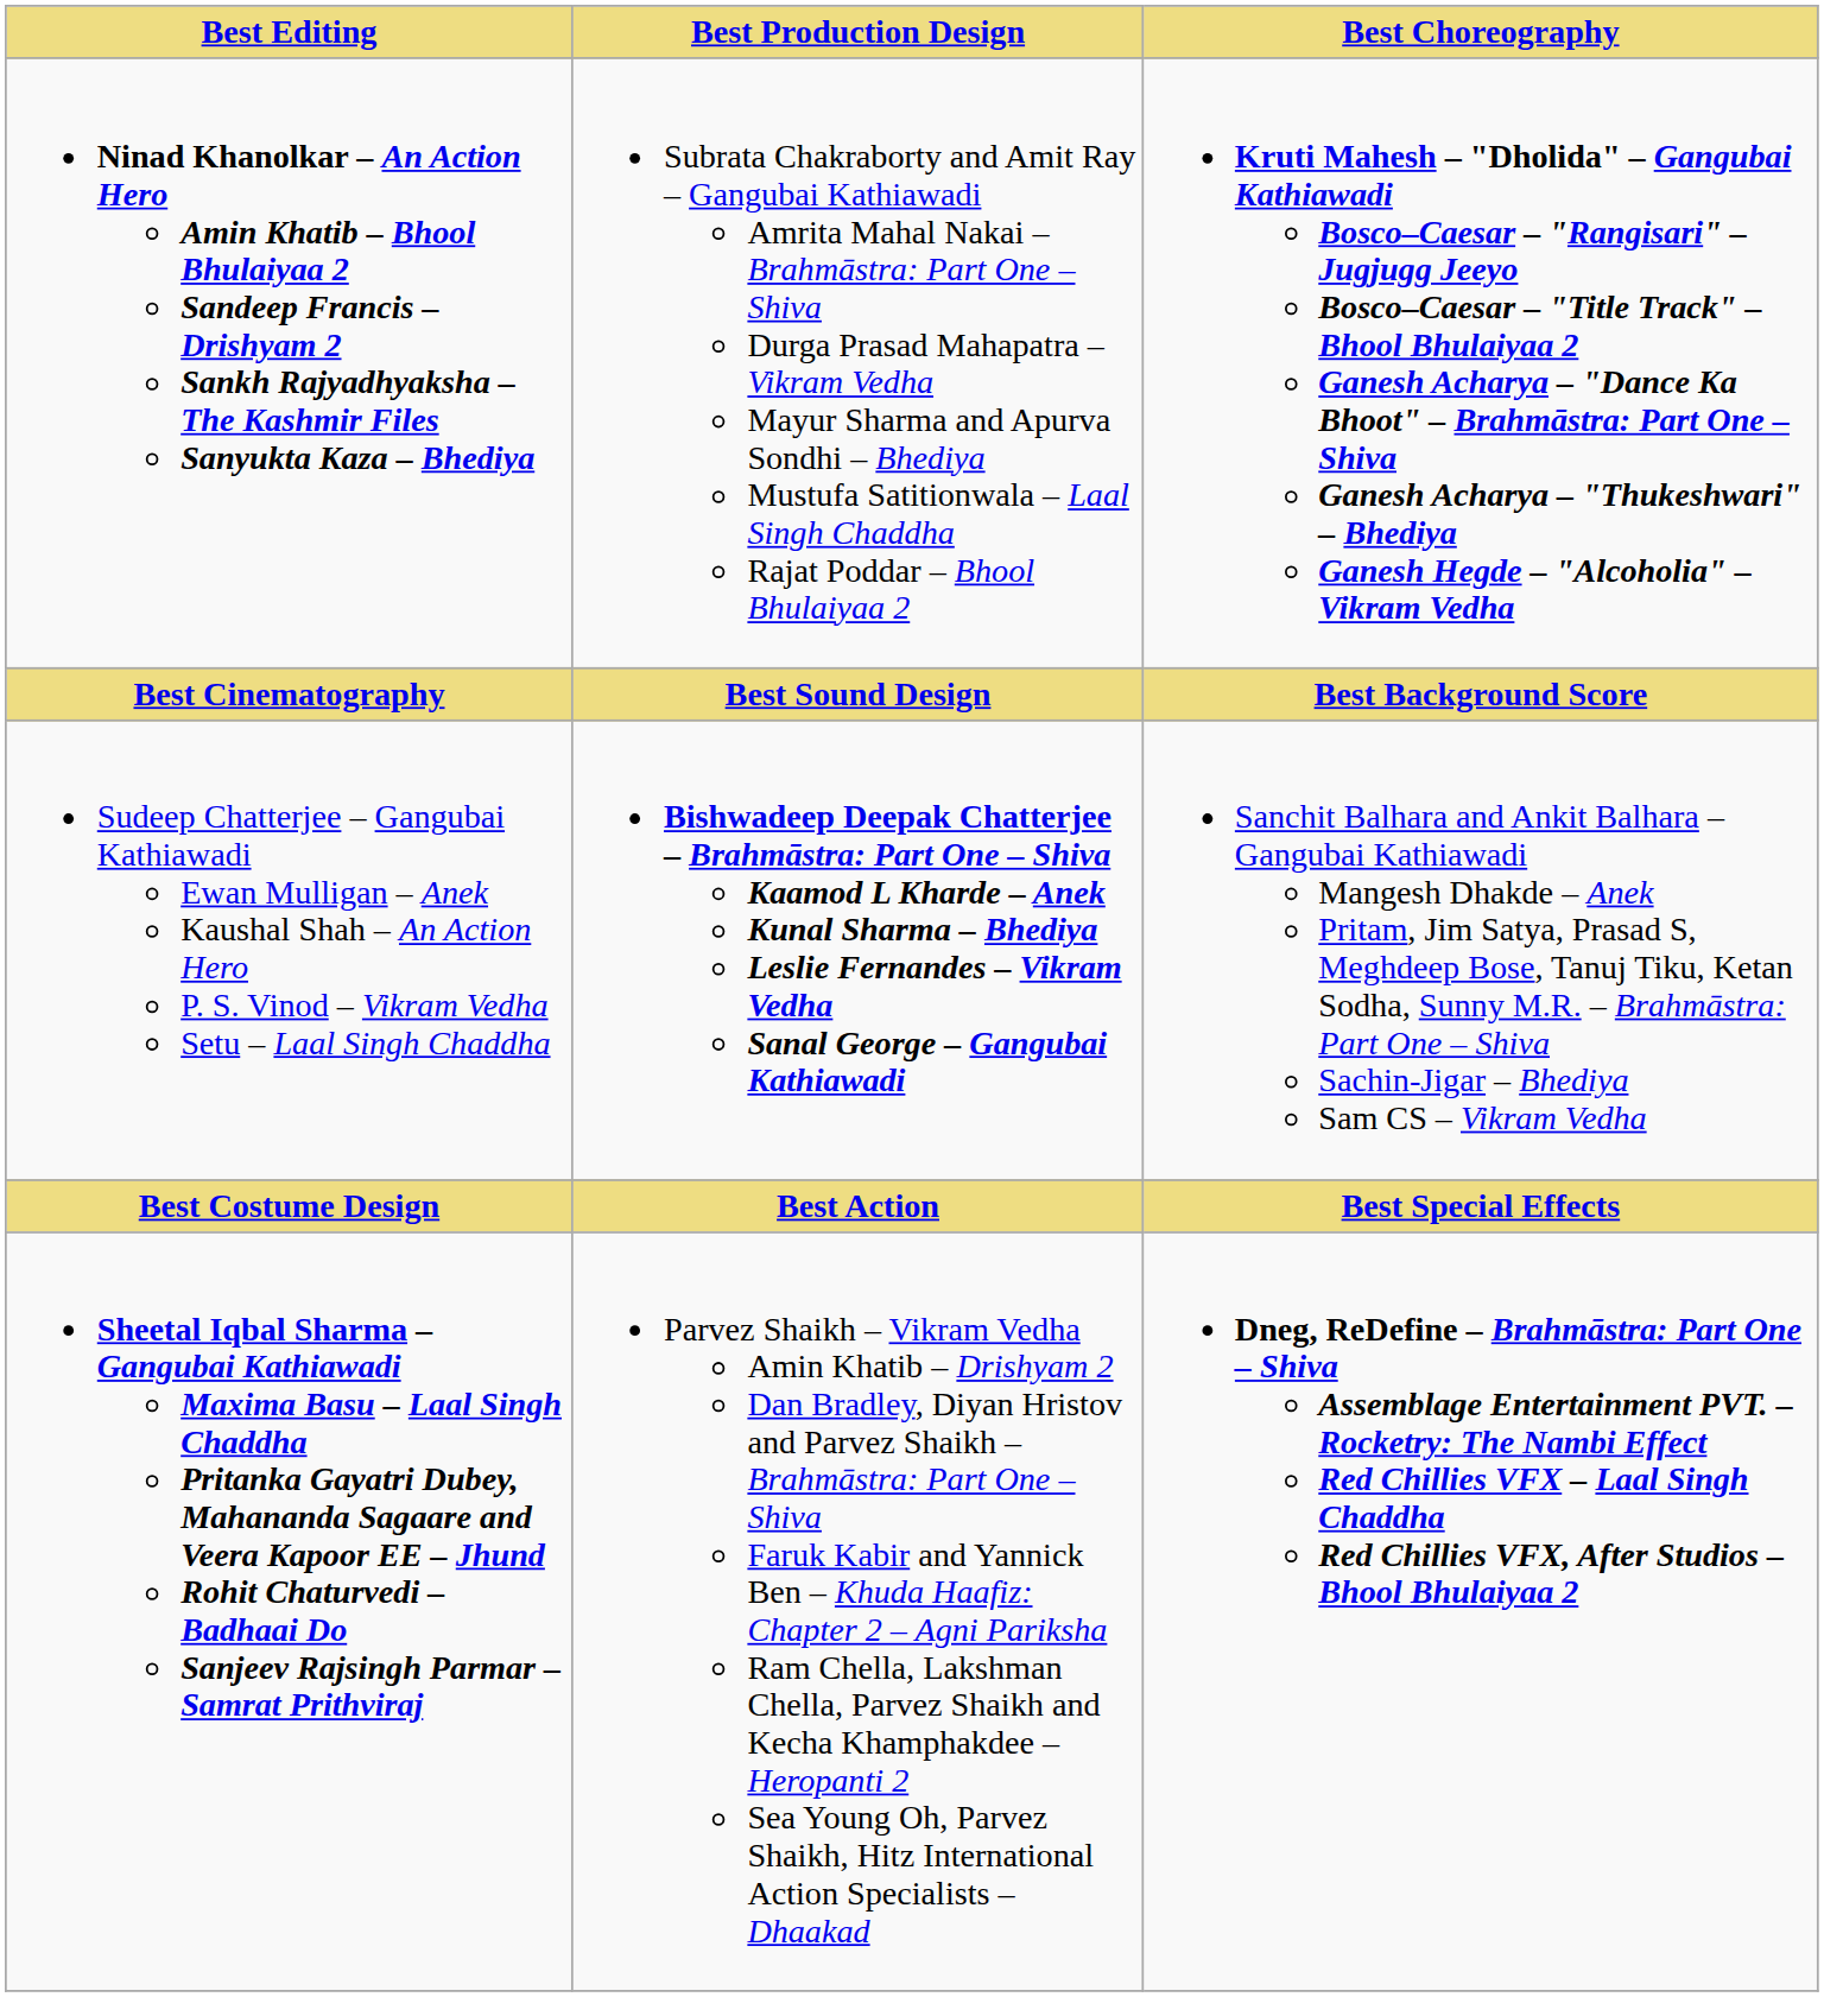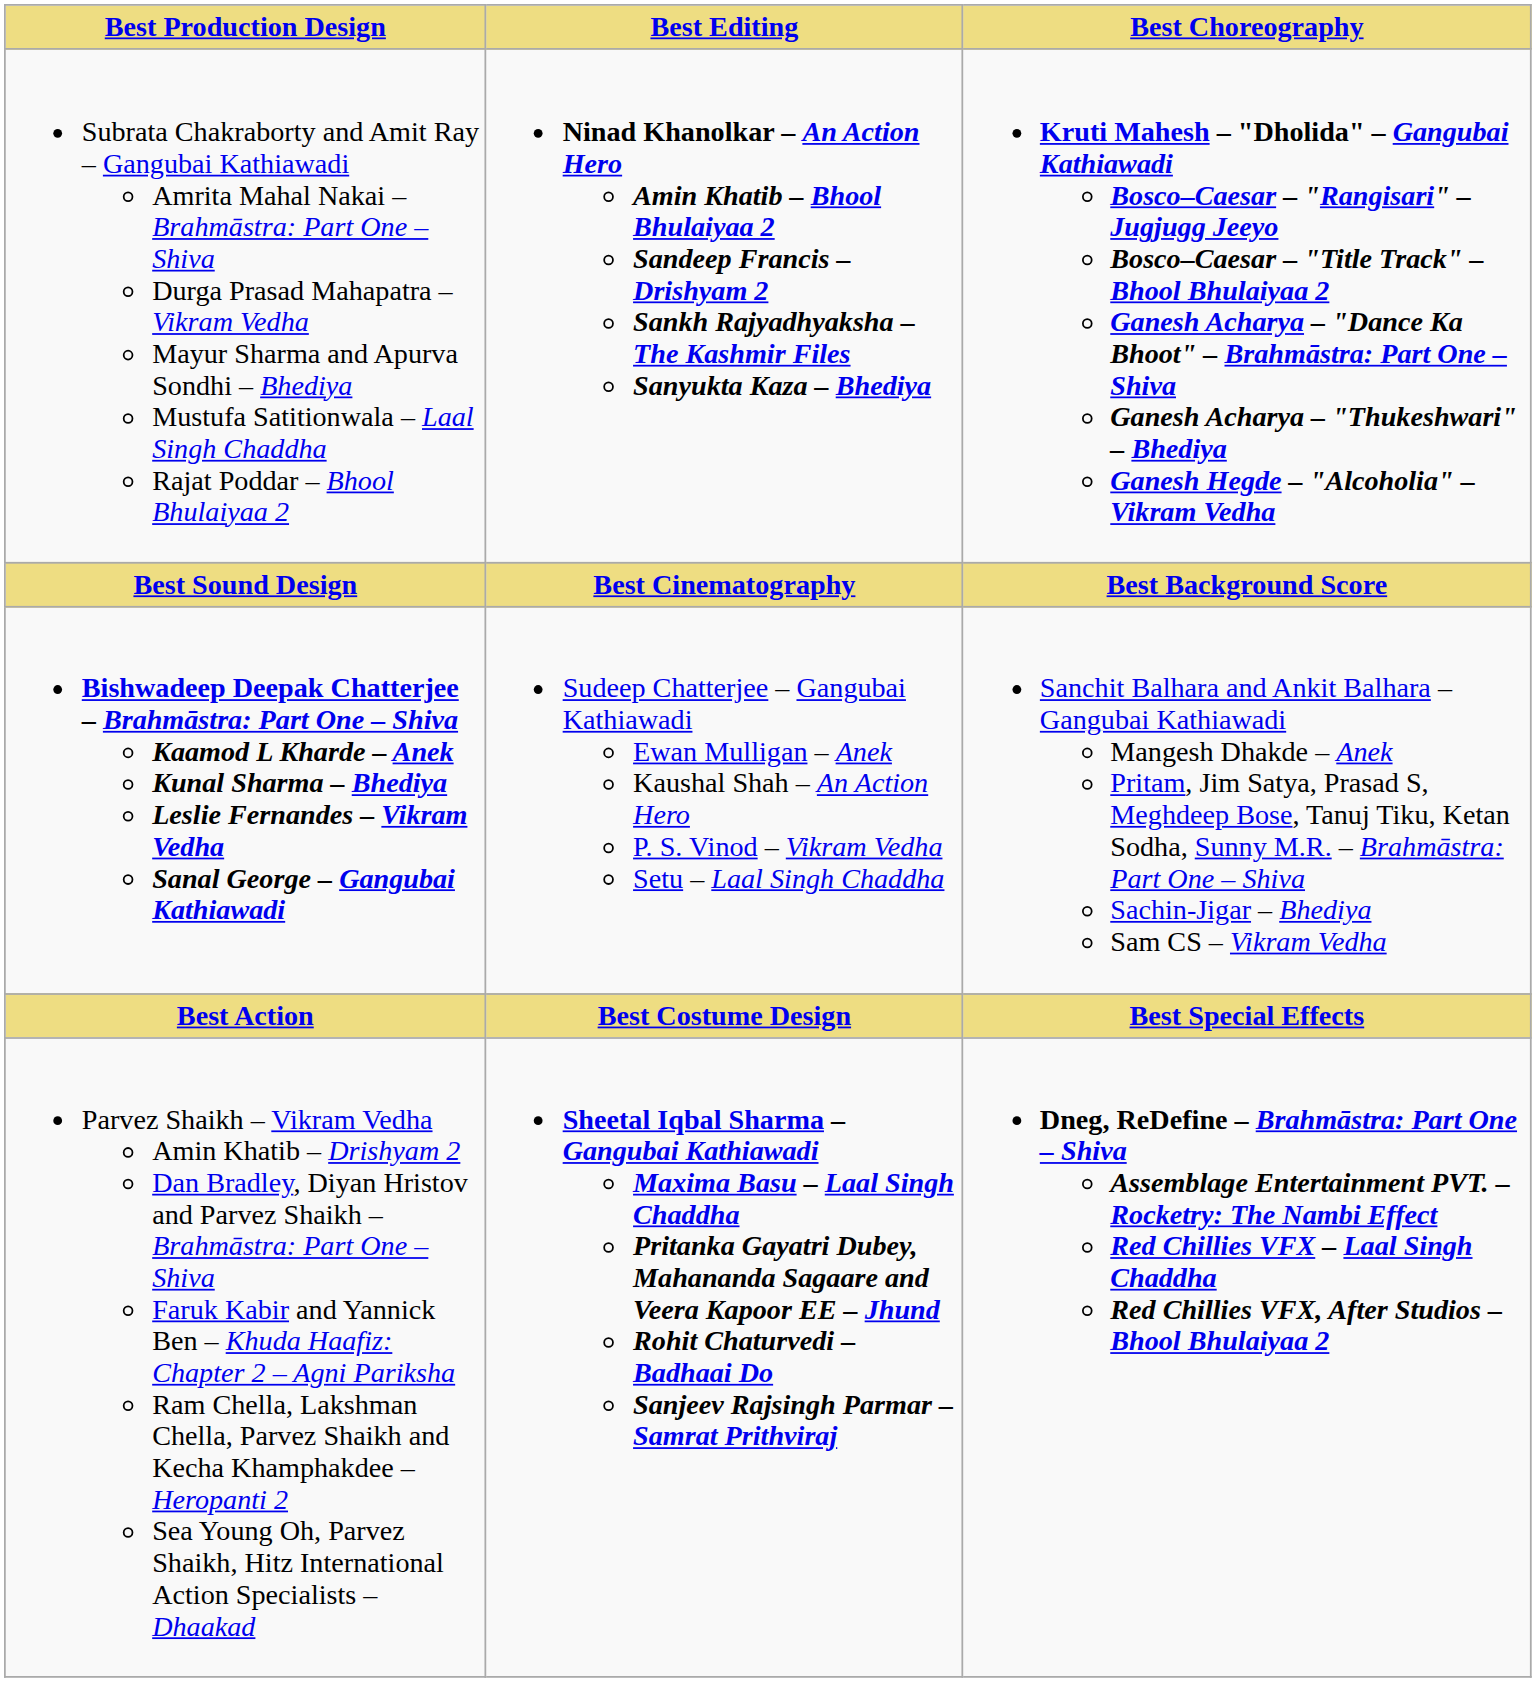 <table class="wikitable">
 <tr>
+<th style="background:#EEDD82;"><a href='#'>Best Production Design</a></th>
 <th style="background:#EEDD82;"><a href='#'>Best Editing</a></th>
-<th style="background:#EEDD82;"><a href='#'>Best Production Design</a></th>
 <th style="background:#EEDD82;"><a href='#'>Best Choreography</a></th>
 </tr>
 <tr>
+<td valign=top><br><ul><li></strong>Subrata Chakraborty and Amit Ray – </em><a href='#'>Gangubai Kathiawadi</a></em></strong><ul><li>Amrita Mahal Nakai – <em><a href='#'>Brahmāstra: Part One – Shiva</a></em></li><li>Durga Prasad Mahapatra – <em><a href='#'>Vikram Vedha</a></em></li><li>Mayur Sharma and Apurva Sondhi – <em><a href='#'>Bhediya</a></em></li><li>Mustufa Satitionwala – <em><a href='#'>Laal Singh Chaddha</a></em></li><li>Rajat Poddar – <em><a href='#'>Bhool Bhulaiyaa 2</a></em></li></ul></li></ul></td>
 <td valign=top><br><ul><li><strong>Ninad Khanolkar – <em><a href='#'>An Action Hero</a><strong><em><ul><li>Amin Khatib – </em><a href='#'>Bhool Bhulaiyaa 2</a><em></li><li>Sandeep Francis – </em><a href='#'>Drishyam 2</a><em></li><li>Sankh Rajyadhyaksha – </em><a href='#'>The Kashmir Files</a><em></li><li>Sanyukta Kaza – </em><a href='#'>Bhediya</a><em></li></ul></li></ul></td>
-<td valign=top><br><ul><li></strong>Subrata Chakraborty and Amit Ray – </em><a href='#'>Gangubai Kathiawadi</a></em></strong><ul><li>Amrita Mahal Nakai – <em><a href='#'>Brahmāstra: Part One – Shiva</a></em></li><li>Durga Prasad Mahapatra – <em><a href='#'>Vikram Vedha</a></em></li><li>Mayur Sharma and Apurva Sondhi – <em><a href='#'>Bhediya</a></em></li><li>Mustufa Satitionwala – <em><a href='#'>Laal Singh Chaddha</a></em></li><li>Rajat Poddar – <em><a href='#'>Bhool Bhulaiyaa 2</a></em></li></ul></li></ul></td>
 <td valign=top><br><ul><li><strong><a href='#'>Kruti Mahesh</a> – "Dholida" – <em><a href='#'>Gangubai Kathiawadi</a><strong><em><ul><li><a href='#'>Bosco–Caesar</a> – "<a href='#'>Rangisari</a>" – </em><a href='#'>Jugjugg Jeeyo</a><em></li><li>Bosco–Caesar – "Title Track" – </em><a href='#'>Bhool Bhulaiyaa 2</a><em></li><li><a href='#'>Ganesh Acharya</a> – "Dance Ka Bhoot" – </em><a href='#'>Brahmāstra: Part One – Shiva</a><em></li><li>Ganesh Acharya – "Thukeshwari" – </em><a href='#'>Bhediya</a><em></li><li><a href='#'>Ganesh Hegde</a> – "Alcoholia" – </em><a href='#'>Vikram Vedha</a><em></li></ul></li></ul></td>
 </tr>
 <tr>
+<th style="background:#EEDD82;"><a href='#'>Best Sound Design</a></th>
 <th style="background:#EEDD82;"><a href='#'>Best Cinematography</a></th>
-<th style="background:#EEDD82;"><a href='#'>Best Sound Design</a></th>
 <th style="background:#EEDD82;"><a href='#'>Best Background Score</a></th>
 </tr>
 <tr>
+<td valign=top><br><ul><li><strong><a href='#'>Bishwadeep Deepak Chatterjee</a> – <em><a href='#'>Brahmāstra: Part One – Shiva</a><strong><em><ul><li>Kaamod L Kharde – </em><a href='#'>Anek</a><em></li><li>Kunal Sharma – </em><a href='#'>Bhediya</a><em></li><li>Leslie Fernandes – </em><a href='#'>Vikram Vedha</a><em></li><li>Sanal George – </em><a href='#'>Gangubai Kathiawadi</a><em></li></ul></li></ul></td>
 <td valign=top><br><ul><li></strong><a href='#'>Sudeep Chatterjee</a> – </em><a href='#'>Gangubai Kathiawadi</a></em></strong><ul><li><a href='#'>Ewan Mulligan</a> – <em><a href='#'>Anek</a></em></li><li>Kaushal Shah – <em><a href='#'>An Action Hero</a></em></li><li><a href='#'>P. S. Vinod</a> – <em><a href='#'>Vikram Vedha</a></em></li><li><a href='#'>Setu</a> – <em><a href='#'>Laal Singh Chaddha</a></em></li></ul></li></ul></td>
-<td valign=top><br><ul><li><strong><a href='#'>Bishwadeep Deepak Chatterjee</a> – <em><a href='#'>Brahmāstra: Part One – Shiva</a><strong><em><ul><li>Kaamod L Kharde – </em><a href='#'>Anek</a><em></li><li>Kunal Sharma – </em><a href='#'>Bhediya</a><em></li><li>Leslie Fernandes – </em><a href='#'>Vikram Vedha</a><em></li><li>Sanal George – </em><a href='#'>Gangubai Kathiawadi</a><em></li></ul></li></ul></td>
 <td valign=top><br><ul><li></strong><a href='#'>Sanchit Balhara and Ankit Balhara</a> – </em><a href='#'>Gangubai Kathiawadi</a></em></strong><ul><li>Mangesh Dhakde – <em><a href='#'>Anek</a></em></li><li><a href='#'>Pritam</a>, Jim Satya, Prasad S, <a href='#'>Meghdeep Bose</a>, Tanuj Tiku, Ketan Sodha, <a href='#'>Sunny M.R.</a> – <em><a href='#'>Brahmāstra: Part One – Shiva</a></em></li><li><a href='#'>Sachin-Jigar</a> – <em><a href='#'>Bhediya</a></em></li><li>Sam CS – <em><a href='#'>Vikram Vedha</a></em></li></ul></li></ul></td>
 </tr>
 <tr>
+<th style="background:#EEDD82;"><a href='#'>Best Action</a></th>
 <th style="background:#EEDD82;"><a href='#'>Best Costume Design</a></th>
-<th style="background:#EEDD82;"><a href='#'>Best Action</a></th>
 <th style="background:#EEDD82;"><a href='#'>Best Special Effects</a></th>
 </tr>
 <tr>
+<td valign=top><br><ul><li></strong>Parvez Shaikh – </em><a href='#'>Vikram Vedha</a></em></strong><ul><li>Amin Khatib – <em><a href='#'>Drishyam 2</a></em></li><li><a href='#'>Dan Bradley</a>, Diyan Hristov and Parvez Shaikh – <em><a href='#'>Brahmāstra: Part One – Shiva</a></em></li><li><a href='#'>Faruk Kabir</a> and Yannick Ben  – <em><a href='#'>Khuda Haafiz: Chapter 2 – Agni Pariksha</a></em></li><li>Ram Chella, Lakshman Chella, Parvez Shaikh and Kecha Khamphakdee – <em><a href='#'>Heropanti 2</a></em></li><li>Sea Young Oh, Parvez Shaikh, Hitz International Action Specialists – <em><a href='#'>Dhaakad</a></em></li></ul></li></ul></td>
 <td valign=top><br><ul><li><strong><a href='#'>Sheetal Iqbal Sharma</a> – <em><a href='#'>Gangubai Kathiawadi</a><strong><em><ul><li><a href='#'>Maxima Basu</a> – </em><a href='#'>Laal Singh Chaddha</a><em></li><li>Pritanka Gayatri Dubey, Mahananda Sagaare and Veera Kapoor EE – </em><a href='#'>Jhund</a><em></li><li>Rohit Chaturvedi – </em><a href='#'>Badhaai Do</a><em></li><li>Sanjeev Rajsingh Parmar – </em><a href='#'>Samrat Prithviraj</a><em></li></ul></li></ul></td>
-<td valign=top><br><ul><li></strong>Parvez Shaikh – </em><a href='#'>Vikram Vedha</a></em></strong><ul><li>Amin Khatib – <em><a href='#'>Drishyam 2</a></em></li><li><a href='#'>Dan Bradley</a>, Diyan Hristov and Parvez Shaikh – <em><a href='#'>Brahmāstra: Part One – Shiva</a></em></li><li><a href='#'>Faruk Kabir</a> and Yannick Ben  – <em><a href='#'>Khuda Haafiz: Chapter 2 – Agni Pariksha</a></em></li><li>Ram Chella, Lakshman Chella, Parvez Shaikh and Kecha Khamphakdee – <em><a href='#'>Heropanti 2</a></em></li><li>Sea Young Oh, Parvez Shaikh, Hitz International Action Specialists – <em><a href='#'>Dhaakad</a></em></li></ul></li></ul></td>
 <td valign=top><br><ul><li><strong>Dneg, ReDefine – <em><a href='#'>Brahmāstra: Part One – Shiva</a><strong><em><ul><li>Assemblage Entertainment PVT. – </em><a href='#'>Rocketry: The Nambi Effect</a><em></li><li><a href='#'>Red Chillies VFX</a> – </em><a href='#'>Laal Singh Chaddha</a><em></li><li>Red Chillies VFX, After Studios – </em><a href='#'>Bhool Bhulaiyaa 2</a><em></li></ul></li></ul></td>
 </tr>
 </table>
